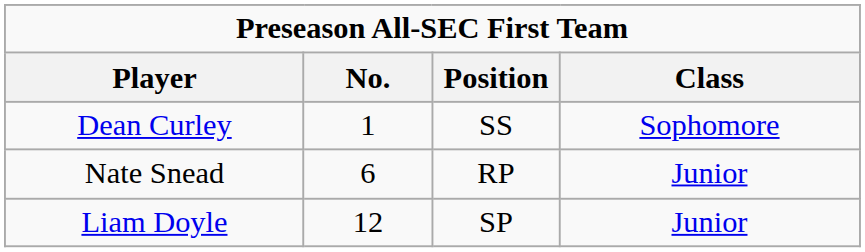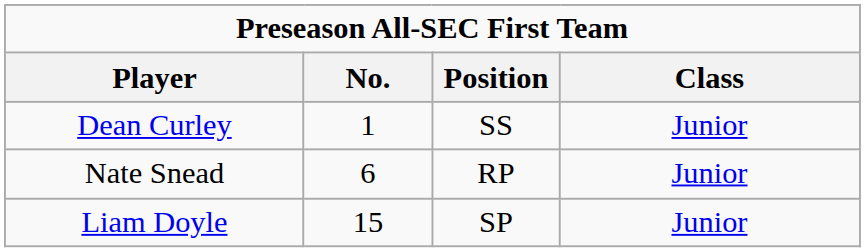 <table class="wikitable" style="text-align:center">
 <tr>
 <td colspan="5"><strong>Preseason All-SEC First Team</strong></td>
 </tr>
 <tr>
 <th style="width:150px; ">Player</th>
 <th style="width:60px; ">No.</th>
 <th style="width:60px; ">Position</th>
 <th style="width:150px; ">Class</th>
 </tr>
 <tr>
 <td><a href='#'>Dean Curley</a></td>
 <td>1</td>
 <td>SS</td>
-<td><a href='#'>Sophomore</a></td>
+<td><a href='#'>Junior</a></td>
 </tr>
 <tr>
 <td>Nate Snead</td>
 <td>6</td>
 <td>RP</td>
 <td><a href='#'>Junior</a></td>
 </tr>
 <tr>
 <td><a href='#'>Liam Doyle</a></td>
-<td>12</td>
+<td>15</td>
 <td>SP</td>
 <td><a href='#'>Junior</a></td>
 </tr>
 </table>
